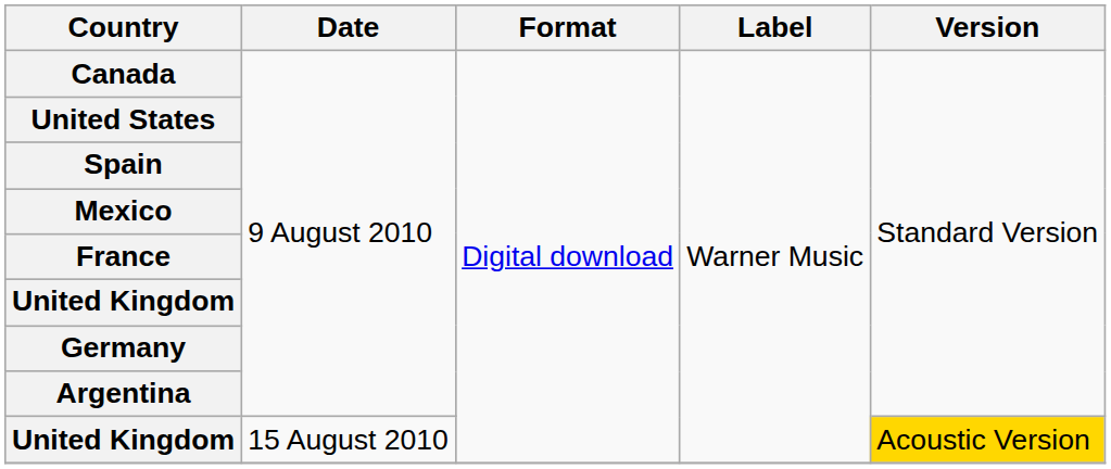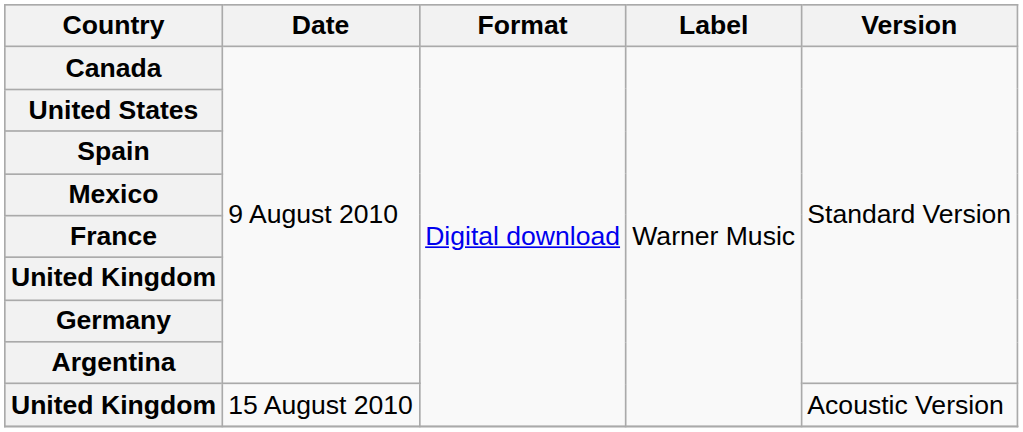 <table class="wikitable plainrowheaders">
 <tr>
 <th scope="col">Country</th>
 <th scope="col">Date</th>
 <th scope="col">Format</th>
 <th scope="col">Label</th>
 <th scope="col">Version</th>
 </tr>
 <tr>
 <th scope="row">Canada</th>
 <td rowspan="8">9 August 2010</td>
 <td rowspan="9"><a href='#'>Digital download</a></td>
 <td rowspan="9">Warner Music</td>
 <td rowspan="8">Standard Version</td>
 </tr>
 <tr>
 <th scope="row">United States</th>
 </tr>
 <tr>
 <th scope="row">Spain</th>
 </tr>
 <tr>
 <th scope="row">Mexico</th>
 </tr>
 <tr>
 <th scope="row">France</th>
 </tr>
 <tr>
 <th scope="row">United Kingdom</th>
 </tr>
 <tr>
 <th scope="row">Germany</th>
 </tr>
 <tr>
 <th scope="row">Argentina</th>
 </tr>
 <tr>
 <th scope="row">United Kingdom</th>
 <td rowspan="">15 August  2010</td>
-<td rowspan="" style="background: gold;">Acoustic Version</td>
+<td rowspan="">Acoustic Version</td>
 </tr>
 <tr>
 </tr>
 </table>
